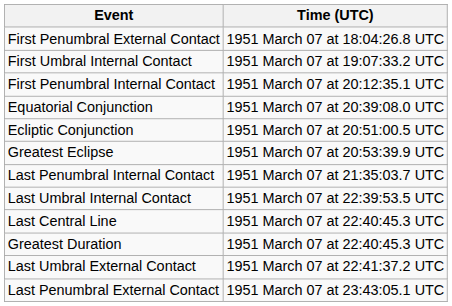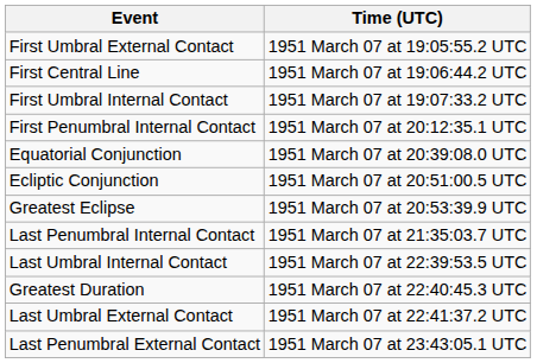 <table class="wikitable">
 <tr>
 <th>Event</th>
 <th>Time (UTC)</th>
 </tr>
 <tr>
-<td>First Penumbral External Contact</td>
-<td>1951 March 07 at 18:04:26.8 UTC</td>
+<td>First Umbral External Contact</td>
+<td>1951 March 07 at 19:05:55.2 UTC</td>
+</tr>
+<tr>
+<td>First Central Line</td>
+<td>1951 March 07 at 19:06:44.2 UTC</td>
 </tr>
 <tr>
 <td>First Umbral Internal Contact</td>
 <td>1951 March 07 at 19:07:33.2 UTC</td>
 </tr>
 <tr>
 <td>First Penumbral Internal Contact</td>
 <td>1951 March 07 at 20:12:35.1 UTC</td>
 </tr>
 <tr>
 <td>Equatorial Conjunction</td>
 <td>1951 March 07 at 20:39:08.0 UTC</td>
 </tr>
 <tr>
 <td>Ecliptic Conjunction</td>
 <td>1951 March 07 at 20:51:00.5 UTC</td>
 </tr>
 <tr>
 <td>Greatest Eclipse</td>
 <td>1951 March 07 at 20:53:39.9 UTC</td>
 </tr>
 <tr>
 <td>Last Penumbral Internal Contact</td>
 <td>1951 March 07 at 21:35:03.7 UTC</td>
 </tr>
 <tr>
 <td>Last Umbral Internal Contact</td>
 <td>1951 March 07 at 22:39:53.5 UTC</td>
 </tr>
 <tr>
-<td>Last Central Line</td>
-<td>1951 March 07 at 22:40:45.3 UTC</td>
-</tr>
-<tr>
 <td>Greatest Duration</td>
 <td>1951 March 07 at 22:40:45.3 UTC</td>
 </tr>
 <tr>
 <td>Last Umbral External Contact</td>
 <td>1951 March 07 at 22:41:37.2 UTC</td>
 </tr>
 <tr>
 <td>Last Penumbral External Contact</td>
 <td>1951 March 07 at 23:43:05.1 UTC</td>
 </tr>
 </table>
